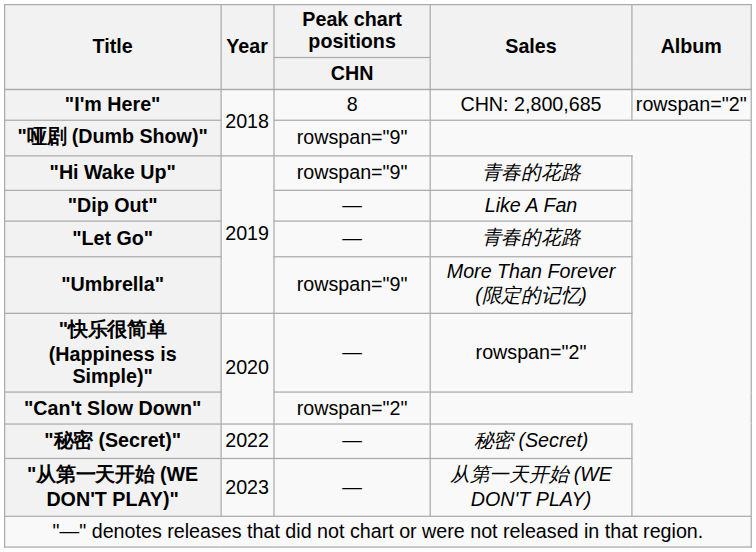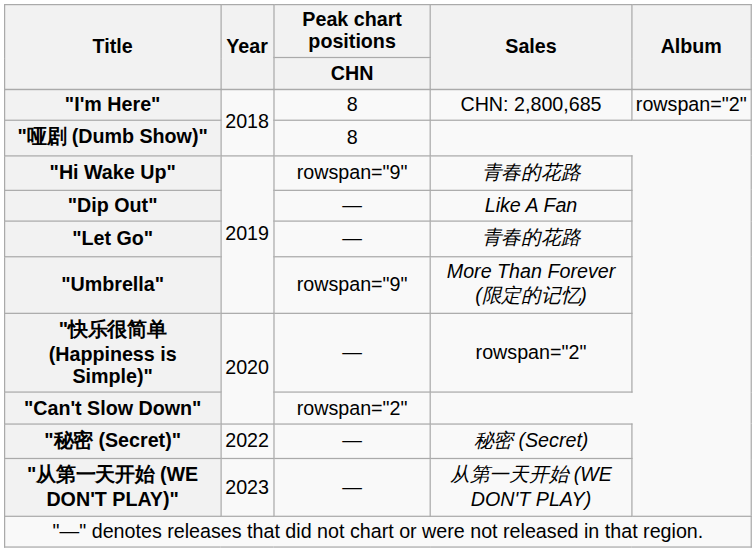 <table class="wikitable plainrowheaders" style="text-align:center;">
 <tr>
 <th rowspan="2" scope="col">Title</th>
 <th rowspan="2" scope="col">Year</th>
 <th>Peak chart positions</th>
 <th rowspan="2">Sales</th>
 <th rowspan="2">Album</th>
 </tr>
 <tr>
 <th>CHN<br></th>
 </tr>
 <tr>
 </tr>
 <tr>
 <th scope="row">"I'm Here"</th>
 <td rowspan="2">2018</td>
 <td>8</td>
 <td>CHN: 2,800,685</td>
 <td>rowspan="2" </td>
 </tr>
 <tr>
 <th scope="row">"哑剧 (Dumb Show)"</th>
-<td>rowspan="9"  </td>
+<td>8</td>
 </tr>
 <tr>
 <th scope="row">"Hi Wake Up"</th>
 <td rowspan="4">2019</td>
 <td>rowspan="9"  </td>
 <td><em>青春的花路</em></td>
 </tr>
 <tr>
 <th scope="row">"Dip Out"</th>
 <td>—</td>
 <td><em>Like A Fan</em></td>
 </tr>
 <tr>
 <th scope="row">"Let Go"</th>
 <td>—</td>
 <td><em>青春的花路</em></td>
 </tr>
 <tr>
 <th scope="row">"Umbrella"</th>
 <td>rowspan="9"  </td>
 <td><em>More Than Forever (限定的记忆)</em></td>
 </tr>
 <tr>
 <th scope="row">"快乐很简单 (Happiness is Simple)" </th>
 <td rowspan="2">2020</td>
 <td>—</td>
 <td>rowspan="2" </td>
 </tr>
 <tr>
 <th scope="row">"Can't Slow Down"</th>
 <td>rowspan="2"  </td>
 </tr>
 <tr>
 <th scope="row">"秘密 (Secret)"</th>
 <td>2022</td>
 <td>—</td>
 <td><em>秘密 (Secret)</em></td>
 </tr>
 <tr>
 <th scope="row">"从第一天开始 (WE DON'T PLAY)"</th>
 <td>2023</td>
 <td>—</td>
 <td><em>从第一天开始 (WE DON'T PLAY)</em></td>
 </tr>
 <tr>
 <td colspan="5">"—" denotes releases that did not chart or were not released in that region.</td>
 </tr>
 </table>
